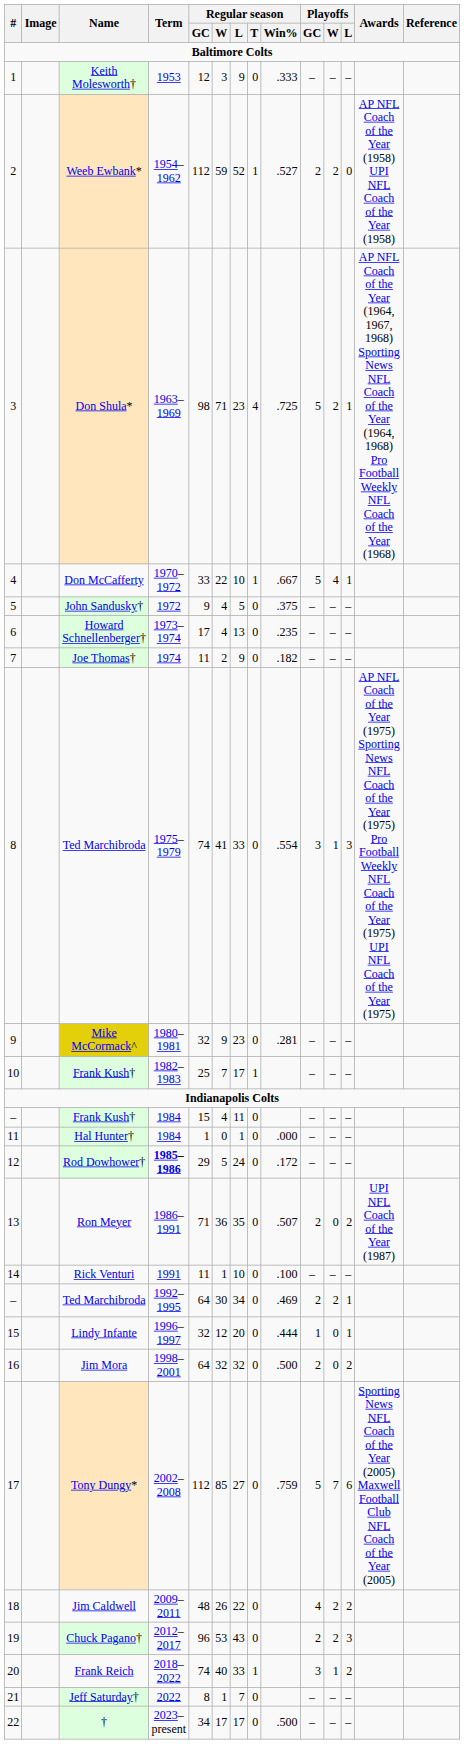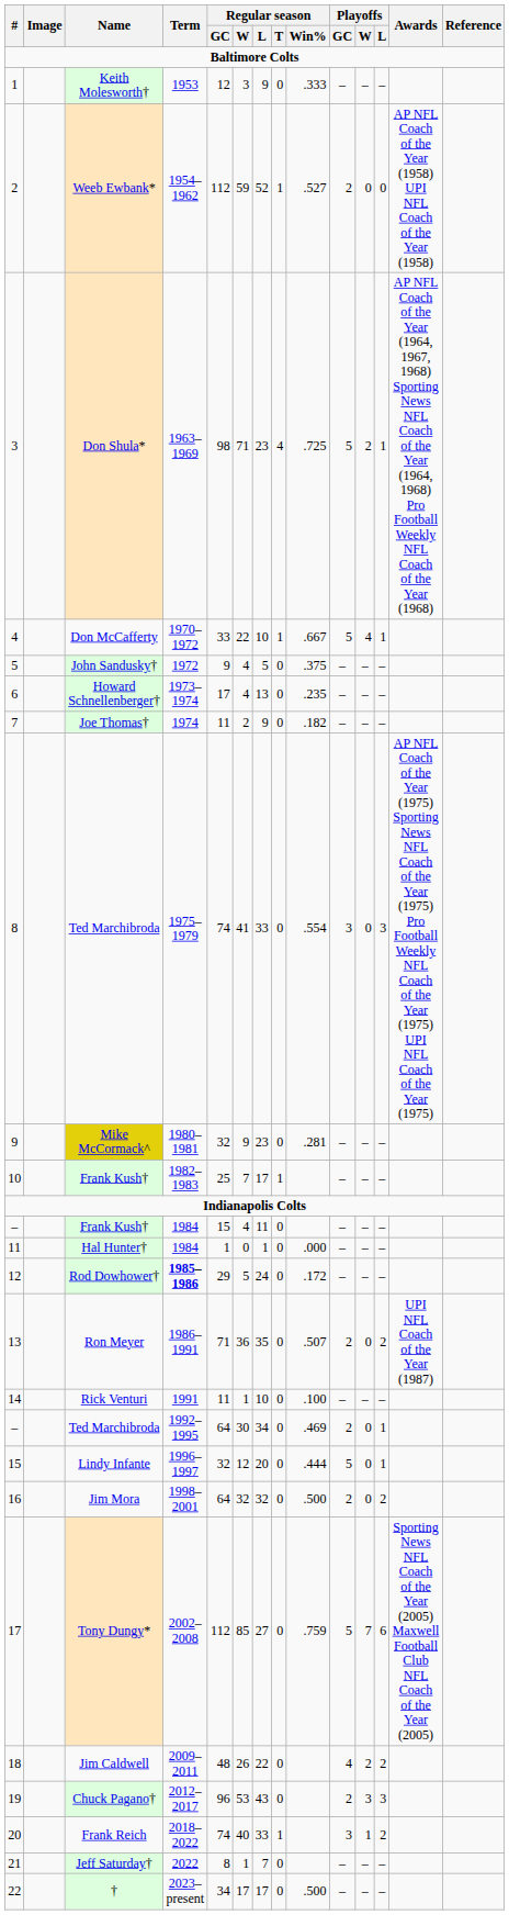 <table class="wikitable" style="text-align:center">
 <tr>
 <th rowspan="2">#</th>
 <th rowspan="2">Image</th>
 <th rowspan="2">Name</th>
 <th rowspan="2">Term</th>
 <th colspan="5">Regular season</th>
 <th colspan="3">Playoffs</th>
 <th rowspan="2">Awards</th>
 <th rowspan="2">Reference</th>
 </tr>
 <tr>
 <th>GC</th>
 <th>W</th>
 <th>L</th>
 <th>T</th>
 <th>Win%</th>
 <th>GC</th>
 <th>W</th>
 <th>L</th>
 </tr>
 <tr>
 <td align="center" colspan="19"><strong>Baltimore Colts</strong></td>
 </tr>
 <tr>
 <td>1</td>
 <td></td>
 <td bgcolor="#DDFFDD"><a href='#'>Keith Molesworth</a>†</td>
 <td><a href='#'>1953</a></td>
 <td align="right">12</td>
 <td align="right">3</td>
 <td align="right">9</td>
 <td align="right">0</td>
 <td align="right">.333</td>
 <td>–</td>
 <td>–</td>
 <td>–</td>
 <td></td>
 <td align=center></td>
 </tr>
 <tr>
 <td>2</td>
 <td></td>
 <td bgcolor="#FFE6BD"><a href='#'>Weeb Ewbank</a>*</td>
 <td><a href='#'>1954</a>–<a href='#'>1962</a></td>
 <td align="right">112</td>
 <td align="right">59</td>
 <td align="right">52</td>
 <td align="right">1</td>
 <td align="right">.527</td>
 <td align="right">2</td>
-<td align="right">2</td>
+<td align="right">0</td>
 <td align="right">0</td>
 <td><a href='#'>AP NFL Coach of the Year</a> (1958)<br><a href='#'>UPI NFL Coach of the Year</a> (1958)</td>
 <td align=center></td>
 </tr>
 <tr>
 <td>3</td>
 <td></td>
 <td bgcolor="#FFE6BD"><a href='#'>Don Shula</a>*</td>
 <td><a href='#'>1963</a>–<a href='#'>1969</a></td>
 <td align="right">98</td>
 <td align="right">71</td>
 <td align="right">23</td>
 <td align="right">4</td>
 <td align="right">.725</td>
 <td align="right">5</td>
 <td align="right">2</td>
 <td align="right">1</td>
 <td><a href='#'>AP NFL Coach of the Year</a> (1964, 1967, 1968)<br><a href='#'>Sporting News NFL Coach of the Year</a> (1964, 1968)<br><a href='#'>Pro Football Weekly NFL Coach of the Year</a> (1968)</td>
 <td align=center></td>
 </tr>
 <tr>
 <td>4</td>
 <td></td>
 <td><a href='#'>Don McCafferty</a></td>
 <td><a href='#'>1970</a>–<a href='#'>1972</a></td>
 <td align="right">33</td>
 <td align="right">22</td>
 <td align="right">10</td>
 <td align="right">1</td>
 <td align="right">.667</td>
 <td align="right">5</td>
 <td align="right">4</td>
 <td align="right">1</td>
 <td></td>
 <td align=center></td>
 </tr>
 <tr>
 <td>5</td>
 <td></td>
 <td bgcolor="#DDFFDD"><a href='#'>John Sandusky</a>†</td>
 <td><a href='#'>1972</a></td>
 <td align="right">9</td>
 <td align="right">4</td>
 <td align="right">5</td>
 <td align="right">0</td>
 <td align="right">.375</td>
 <td>–</td>
 <td>–</td>
 <td>–</td>
 <td></td>
 <td align=center></td>
 </tr>
 <tr>
 <td>6</td>
 <td></td>
 <td bgcolor="#DDFFDD"><a href='#'>Howard Schnellenberger</a>†</td>
 <td><a href='#'>1973</a>–<a href='#'>1974</a></td>
 <td align="right">17</td>
 <td align="right">4</td>
 <td align="right">13</td>
 <td align="right">0</td>
 <td align="right">.235</td>
 <td>–</td>
 <td>–</td>
 <td>–</td>
 <td></td>
 <td align=center></td>
 </tr>
 <tr>
 <td>7</td>
 <td></td>
 <td bgcolor="#DDFFDD"><a href='#'>Joe Thomas</a>†</td>
 <td><a href='#'>1974</a></td>
 <td align="right">11</td>
 <td align="right">2</td>
 <td align="right">9</td>
 <td align="right">0</td>
 <td align="right">.182</td>
 <td>–</td>
 <td>–</td>
 <td>–</td>
 <td></td>
 <td align=center></td>
 </tr>
 <tr>
 <td>8</td>
 <td></td>
 <td><a href='#'>Ted Marchibroda</a></td>
 <td><a href='#'>1975</a>–<a href='#'>1979</a></td>
 <td align="right">74</td>
 <td align="right">41</td>
 <td align="right">33</td>
 <td align="right">0</td>
 <td align="right">.554</td>
 <td align="right">3</td>
-<td align="right">1</td>
+<td align="right">0</td>
 <td align="right">3</td>
 <td><a href='#'>AP NFL Coach of the Year</a> (1975)<br><a href='#'>Sporting News NFL Coach of the Year</a> (1975)<br><a href='#'>Pro Football Weekly NFL Coach of the Year</a> (1975)<br><a href='#'>UPI NFL Coach of the Year</a> (1975)</td>
 <td align=center></td>
 </tr>
 <tr>
 <td>9</td>
 <td></td>
 <td bgcolor="#E4D00A"><a href='#'>Mike McCormack</a>^</td>
 <td><a href='#'>1980</a>–<a href='#'>1981</a></td>
 <td align="right">32</td>
 <td align="right">9</td>
 <td align="right">23</td>
 <td align="right">0</td>
 <td align="right">.281</td>
 <td>–</td>
 <td>–</td>
 <td>–</td>
 <td></td>
 <td align=center></td>
 </tr>
 <tr>
 <td>10</td>
 <td></td>
 <td bgcolor="#DDFFDD"><a href='#'>Frank Kush</a>†</td>
 <td><a href='#'>1982</a>–<a href='#'>1983</a></td>
 <td align="right">25</td>
 <td align="right">7</td>
 <td align="right">17</td>
 <td align="right">1</td>
 <td align="right"></td>
 <td>–</td>
 <td>–</td>
 <td>–</td>
 <td></td>
 <td align=center></td>
 </tr>
 <tr>
 <td align="center" colspan="19"><strong>Indianapolis Colts</strong></td>
 </tr>
 <tr>
 <td>–</td>
 <td></td>
 <td bgcolor="#DDFFDD"><a href='#'>Frank Kush</a>†</td>
 <td><a href='#'>1984</a></td>
 <td align="right">15</td>
 <td align="right">4</td>
 <td align="right">11</td>
 <td align="right">0</td>
 <td align="right"></td>
 <td>–</td>
 <td>–</td>
 <td>–</td>
 <td></td>
 <td align=center></td>
 </tr>
 <tr>
 <td>11</td>
 <td></td>
 <td bgcolor="#DDFFDD"><a href='#'>Hal Hunter</a>†</td>
 <td><a href='#'>1984</a></td>
 <td align="right">1</td>
 <td align="right">0</td>
 <td align="right">1</td>
 <td align="right">0</td>
 <td align="right">.000</td>
 <td>–</td>
 <td>–</td>
 <td>–</td>
 <td></td>
 <td align=center></td>
 </tr>
 <tr>
 <td>12</td>
 <td></td>
 <td bgcolor="#DDFFDD"><a href='#'>Rod Dowhower</a>†</td>
 <td><strong><a href='#'>1985</a>–<a href='#'>1986</a></strong></td>
 <td align="right">29</td>
 <td align="right">5</td>
 <td align="right">24</td>
 <td align="right">0</td>
 <td align="right">.172</td>
 <td>–</td>
 <td>–</td>
 <td>–</td>
 <td></td>
 <td align=center></td>
 </tr>
 <tr>
 <td>13</td>
 <td></td>
 <td><a href='#'>Ron Meyer</a></td>
 <td><a href='#'>1986</a>–<a href='#'>1991</a></td>
 <td align="right">71</td>
 <td align="right">36</td>
 <td align="right">35</td>
 <td align="right">0</td>
 <td align="right">.507</td>
 <td align="right">2</td>
 <td align="right">0</td>
 <td align="right">2</td>
 <td><a href='#'>UPI NFL Coach of the Year</a> (1987)</td>
 <td align=center></td>
 </tr>
 <tr>
 <td>14</td>
 <td></td>
 <td><a href='#'>Rick Venturi</a></td>
 <td><a href='#'>1991</a></td>
 <td align="right">11</td>
 <td align="right">1</td>
 <td align="right">10</td>
 <td align="right">0</td>
 <td align="right">.100</td>
 <td>–</td>
 <td>–</td>
 <td>–</td>
 <td></td>
 <td align=center></td>
 </tr>
 <tr>
 <td>–</td>
 <td></td>
 <td><a href='#'>Ted Marchibroda</a></td>
 <td><a href='#'>1992</a>–<a href='#'>1995</a></td>
 <td align="right">64</td>
 <td align="right">30</td>
 <td align="right">34</td>
 <td align="right">0</td>
 <td align="right">.469</td>
 <td align="right">2</td>
-<td align="right">2</td>
+<td align="right">0</td>
 <td align="right">1</td>
 <td></td>
 <td align=center></td>
 </tr>
 <tr>
 <td>15</td>
 <td></td>
 <td><a href='#'>Lindy Infante</a></td>
 <td><a href='#'>1996</a>–<a href='#'>1997</a></td>
 <td align="right">32</td>
 <td align="right">12</td>
 <td align="right">20</td>
 <td align="right">0</td>
 <td align="right">.444</td>
-<td align="right">1</td>
+<td align="right">5</td>
 <td align="right">0</td>
 <td align="right">1</td>
 <td></td>
 <td align=center></td>
 </tr>
 <tr>
 <td>16</td>
 <td></td>
 <td><a href='#'>Jim Mora</a></td>
 <td><a href='#'>1998</a>–<a href='#'>2001</a></td>
 <td align="right">64</td>
 <td align="right">32</td>
 <td align="right">32</td>
 <td align="right">0</td>
 <td align="right">.500</td>
 <td align="right">2</td>
 <td align="right">0</td>
 <td align="right">2</td>
 <td></td>
 <td align=center></td>
 </tr>
 <tr>
 <td>17</td>
 <td></td>
 <td bgcolor="#FFE6BD"><a href='#'>Tony Dungy</a>*</td>
 <td><a href='#'>2002</a>–<a href='#'>2008</a></td>
 <td align="right">112</td>
 <td align="right">85</td>
 <td align="right">27</td>
 <td align="right">0</td>
 <td align="right">.759</td>
 <td align="right">5</td>
 <td align="right">7</td>
 <td align="right">6</td>
 <td><a href='#'>Sporting News NFL Coach of the Year</a> (2005)<br><a href='#'>Maxwell Football Club NFL Coach of the Year</a> (2005)</td>
 <td align=center></td>
 </tr>
 <tr>
 <td>18</td>
 <td></td>
 <td><a href='#'>Jim Caldwell</a></td>
 <td><a href='#'>2009</a>–<a href='#'>2011</a></td>
 <td align="right">48</td>
 <td align="right">26</td>
 <td align="right">22</td>
 <td align="right">0</td>
 <td align="right"></td>
 <td align="right">4</td>
 <td align="right">2</td>
 <td align="right">2</td>
 <td></td>
 <td align="center"></td>
 </tr>
 <tr>
 <td>19</td>
 <td></td>
 <td bgcolor="#DDFFDD"><a href='#'>Chuck Pagano</a>†</td>
 <td><a href='#'>2012</a>–<a href='#'>2017</a></td>
 <td align="right">96</td>
 <td align="right">53</td>
 <td align="right">43</td>
 <td align="right">0</td>
 <td align="right"></td>
 <td align="right">2</td>
-<td align="right">2</td>
+<td align="right">3</td>
 <td align="right">3</td>
 <td></td>
 <td align="center"></td>
 </tr>
 <tr>
 <td>20</td>
 <td></td>
 <td><a href='#'>Frank Reich</a></td>
 <td><a href='#'>2018</a>–<a href='#'>2022</a></td>
 <td align="right">74</td>
 <td align="right">40</td>
 <td align="right">33</td>
 <td align="right">1</td>
 <td align="right"></td>
 <td align="right">3</td>
 <td align="right">1</td>
 <td align="right">2</td>
 <td></td>
 <td align="center"></td>
 </tr>
 <tr>
 <td>21</td>
 <td></td>
 <td bgcolor="#DDFFDD"><a href='#'>Jeff Saturday</a>†</td>
 <td><a href='#'>2022</a></td>
 <td align="right">8</td>
 <td align="right">1</td>
 <td align="right">7</td>
 <td align="right">0</td>
 <td align="right"></td>
 <td>–</td>
 <td>–</td>
 <td>–</td>
 <td></td>
 <td></td>
 </tr>
 <tr>
 <td>22</td>
 <td></td>
 <td style="background-color:#ddffdd">†</td>
 <td><a href='#'>2023</a>–present</td>
 <td align="right">34</td>
 <td align="right">17</td>
 <td align="right">17</td>
 <td align="right">0</td>
 <td align="right">.500</td>
 <td>–</td>
 <td>–</td>
 <td>–</td>
 <td></td>
 <td></td>
 </tr>
 </table>
